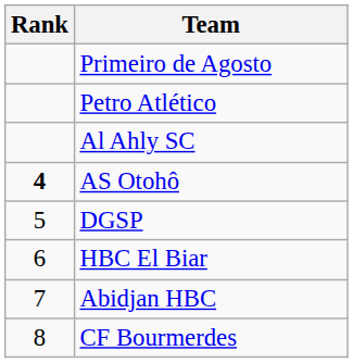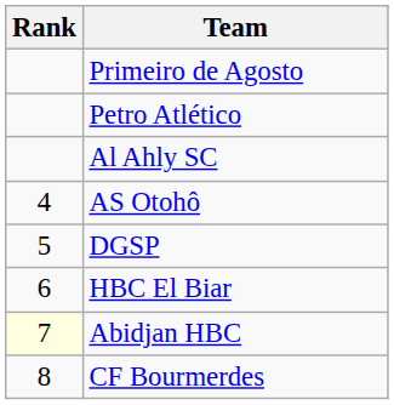 <table class=wikitable style="text-align:center;">
 <tr>
 <th>Rank</th>
 <th width=170>Team</th>
 </tr>
 <tr>
 <td></td>
 <td align=left> <a href='#'>Primeiro de Agosto</a></td>
 </tr>
 <tr>
 <td></td>
 <td align=left> <a href='#'>Petro Atlético</a></td>
 </tr>
 <tr>
 <td></td>
 <td align=left> <a href='#'>Al Ahly SC</a></td>
 </tr>
 <tr>
-<td><strong>4</strong></td>
+<td>4</td>
 <td align=left> <a href='#'>AS Otohô</a></td>
 </tr>
 <tr>
 <td>5</td>
 <td align=left> <a href='#'>DGSP</a></td>
 </tr>
 <tr>
 <td>6</td>
 <td align=left> <a href='#'>HBC El Biar</a></td>
 </tr>
 <tr>
-<td>7</td>
+<td style="background: lightyellow;">7</td>
 <td align=left> <a href='#'>Abidjan HBC</a></td>
 </tr>
 <tr>
 <td>8</td>
 <td align=left> <a href='#'>CF Bourmerdes</a></td>
 </tr>
 </table>
